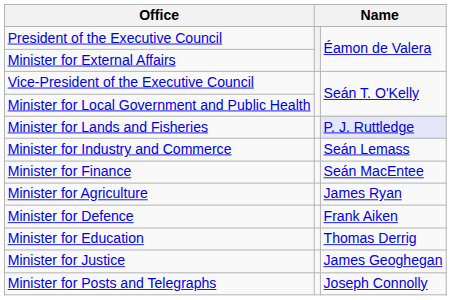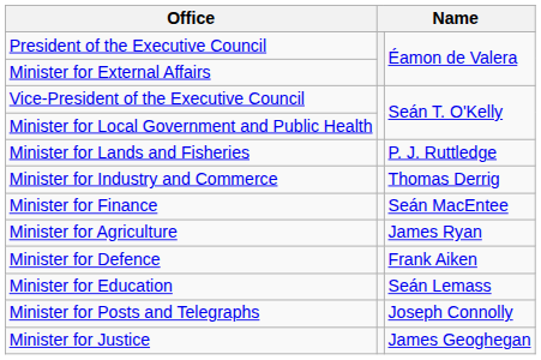 <table class="wikitable">
 <tr>
 <th>Office</th>
 <th colspan="2">Name</th>
 </tr>
 <tr>
 <td><a href='#'>President of the Executive Council</a></td>
 <th rowspan=2 style="background-color: "></th>
 <td rowspan=2><a href='#'>Éamon de Valera</a></td>
 </tr>
 <tr>
 <td><a href='#'>Minister for External Affairs</a></td>
 </tr>
 <tr>
 <td><a href='#'>Vice-President of the Executive Council</a></td>
 <td rowspan=2 style="background-color: "></td>
 <td rowspan=2><a href='#'>Seán T. O'Kelly</a></td>
 </tr>
 <tr>
 <td><a href='#'>Minister for Local Government and Public Health</a></td>
 </tr>
 <tr>
 <td><a href='#'>Minister for Lands and Fisheries</a></td>
 <td style="background-color: "></td>
-<td style="background: lavender;"><a href='#'>P. J. Ruttledge</a></td>
+<td><a href='#'>P. J. Ruttledge</a></td>
 </tr>
 <tr>
 <td><a href='#'>Minister for Industry and Commerce</a></td>
 <td style="background-color: "></td>
-<td><a href='#'>Seán Lemass</a></td>
+<td><a href='#'>Thomas Derrig</a></td>
 </tr>
 <tr>
 <td><a href='#'>Minister for Finance</a></td>
 <td style="background-color: "></td>
 <td><a href='#'>Seán MacEntee</a></td>
 </tr>
 <tr>
 <td><a href='#'>Minister for Agriculture</a></td>
 <td style="background-color: "></td>
 <td><a href='#'>James Ryan</a></td>
 </tr>
 <tr>
 <td><a href='#'>Minister for Defence</a></td>
 <td style="background-color: "></td>
 <td><a href='#'>Frank Aiken</a></td>
 </tr>
 <tr>
 <td><a href='#'>Minister for Education</a></td>
 <td style="background-color: "></td>
-<td><a href='#'>Thomas Derrig</a></td>
+<td><a href='#'>Seán Lemass</a></td>
+</tr>
+<tr>
+<td><a href='#'>Minister for Posts and Telegraphs</a></td>
+<td style="background-color: "></td>
+<td><a href='#'>Joseph Connolly</a></td>
 </tr>
 <tr>
 <td><a href='#'>Minister for Justice</a></td>
 <td style="background-color: "></td>
 <td><a href='#'>James Geoghegan</a></td>
 </tr>
-<tr>
-<td><a href='#'>Minister for Posts and Telegraphs</a></td>
-<td style="background-color: "></td>
-<td><a href='#'>Joseph Connolly</a></td>
-</tr>
 </table>
